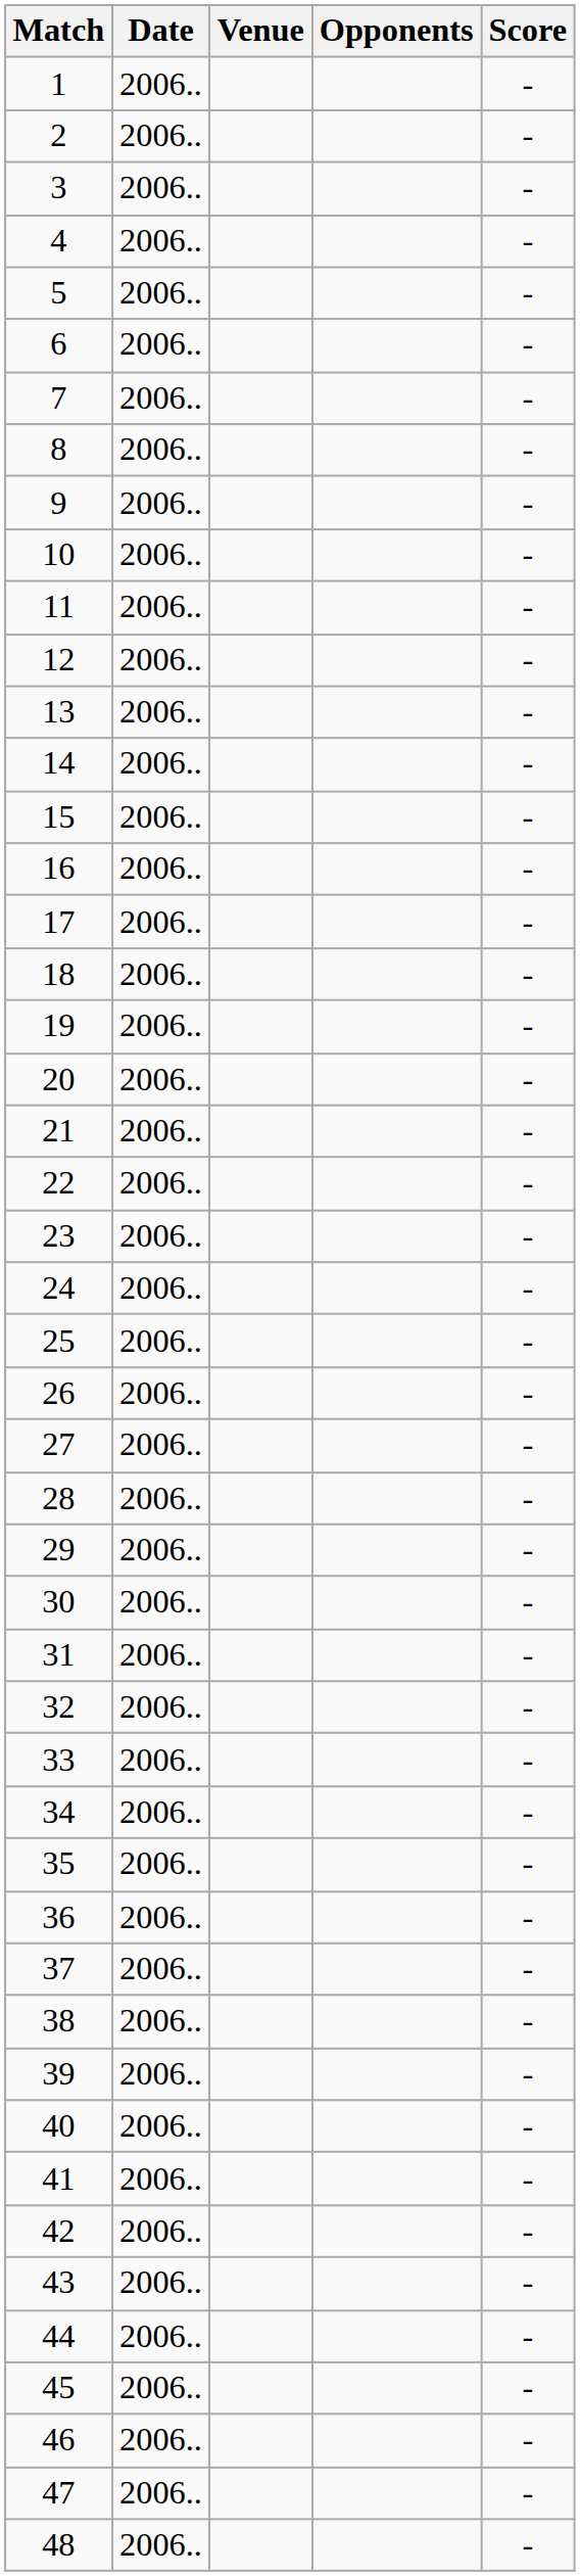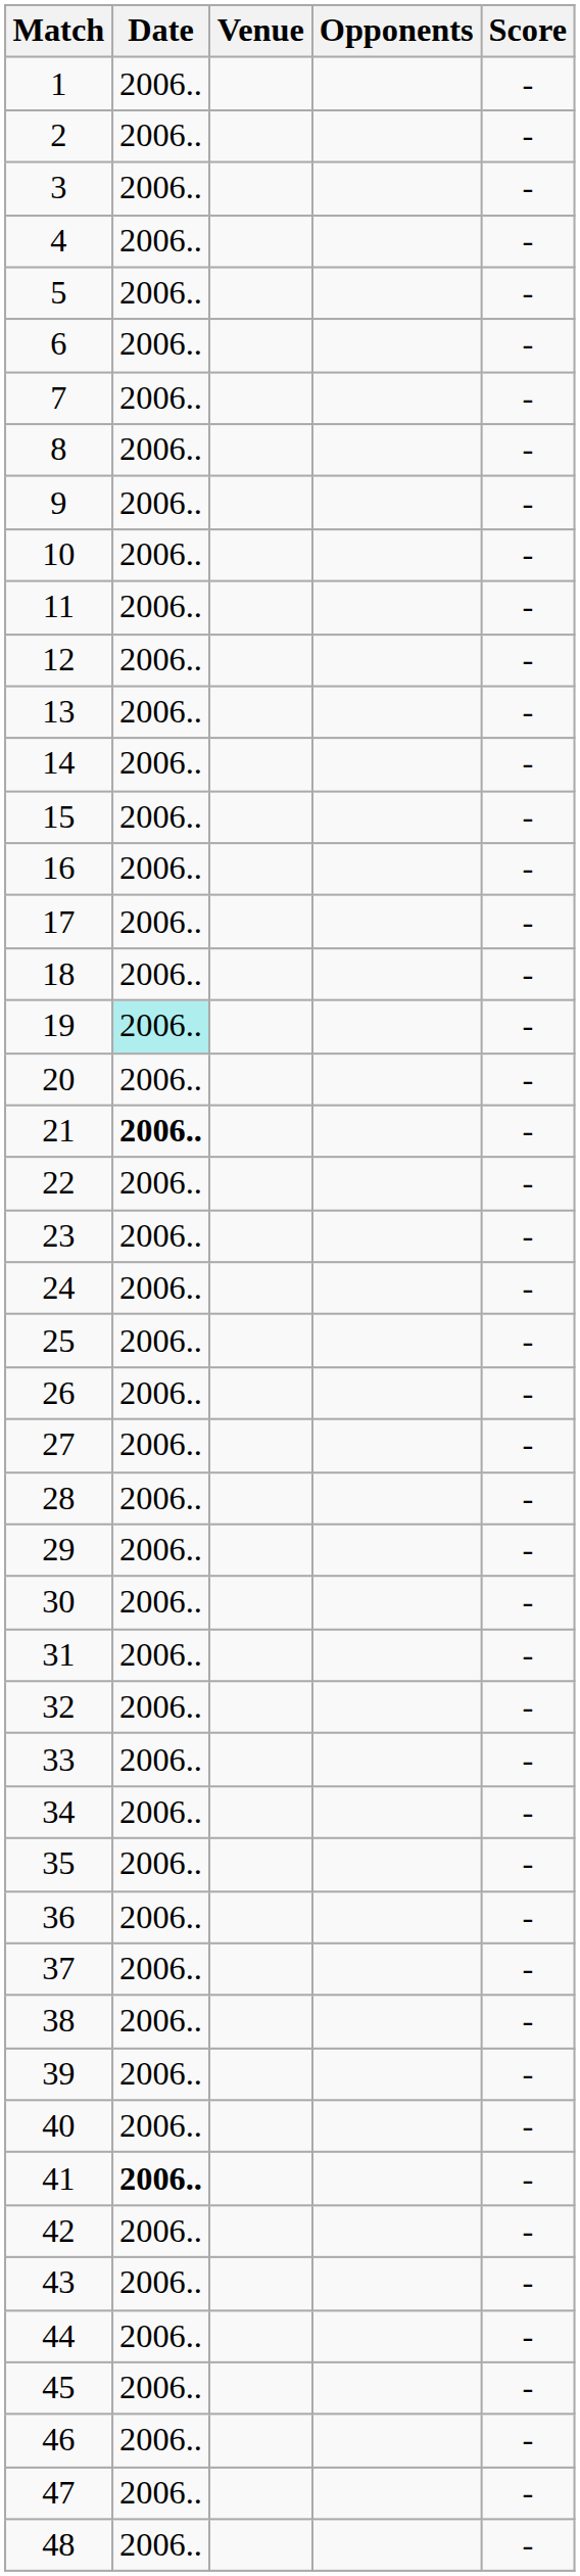 <table class="wikitable" style="text-align:center;">
 <tr>
 <th>Match</th>
 <th>Date</th>
 <th>Venue</th>
 <th>Opponents</th>
 <th>Score</th>
 </tr>
 <tr>
 <td>1</td>
 <td>2006..</td>
 <td></td>
 <td></td>
 <td>-</td>
 </tr>
 <tr>
 <td>2</td>
 <td>2006..</td>
 <td></td>
 <td></td>
 <td>-</td>
 </tr>
 <tr>
 <td>3</td>
 <td>2006..</td>
 <td></td>
 <td></td>
 <td>-</td>
 </tr>
 <tr>
 <td>4</td>
 <td>2006..</td>
 <td></td>
 <td></td>
 <td>-</td>
 </tr>
 <tr>
 <td>5</td>
 <td>2006..</td>
 <td></td>
 <td></td>
 <td>-</td>
 </tr>
 <tr>
 <td>6</td>
 <td>2006..</td>
 <td></td>
 <td></td>
 <td>-</td>
 </tr>
 <tr>
 <td>7</td>
 <td>2006..</td>
 <td></td>
 <td></td>
 <td>-</td>
 </tr>
 <tr>
 <td>8</td>
 <td>2006..</td>
 <td></td>
 <td></td>
 <td>-</td>
 </tr>
 <tr>
 <td>9</td>
 <td>2006..</td>
 <td></td>
 <td></td>
 <td>-</td>
 </tr>
 <tr>
 <td>10</td>
 <td>2006..</td>
 <td></td>
 <td></td>
 <td>-</td>
 </tr>
 <tr>
 <td>11</td>
 <td>2006..</td>
 <td></td>
 <td></td>
 <td>-</td>
 </tr>
 <tr>
 <td>12</td>
 <td>2006..</td>
 <td></td>
 <td></td>
 <td>-</td>
 </tr>
 <tr>
 <td>13</td>
 <td>2006..</td>
 <td></td>
 <td></td>
 <td>-</td>
 </tr>
 <tr>
 <td>14</td>
 <td>2006..</td>
 <td></td>
 <td></td>
 <td>-</td>
 </tr>
 <tr>
 <td>15</td>
 <td>2006..</td>
 <td></td>
 <td></td>
 <td>-</td>
 </tr>
 <tr>
 <td>16</td>
 <td>2006..</td>
 <td></td>
 <td></td>
 <td>-</td>
 </tr>
 <tr>
 <td>17</td>
 <td>2006..</td>
 <td></td>
 <td></td>
 <td>-</td>
 </tr>
 <tr>
 <td>18</td>
 <td>2006..</td>
 <td></td>
 <td></td>
 <td>-</td>
 </tr>
 <tr>
 <td>19</td>
-<td>2006..</td>
+<td style="background: paleturquoise;">2006..</td>
 <td></td>
 <td></td>
 <td>-</td>
 </tr>
 <tr>
 <td>20</td>
 <td>2006..</td>
 <td></td>
 <td></td>
 <td>-</td>
 </tr>
 <tr>
 <td>21</td>
-<td>2006..</td>
+<td><strong>2006..</strong></td>
 <td></td>
 <td></td>
 <td>-</td>
 </tr>
 <tr>
 <td>22</td>
 <td>2006..</td>
 <td></td>
 <td></td>
 <td>-</td>
 </tr>
 <tr>
 <td>23</td>
 <td>2006..</td>
 <td></td>
 <td></td>
 <td>-</td>
 </tr>
 <tr>
 <td>24</td>
 <td>2006..</td>
 <td></td>
 <td></td>
 <td>-</td>
 </tr>
 <tr>
 <td>25</td>
 <td>2006..</td>
 <td></td>
 <td></td>
 <td>-</td>
 </tr>
 <tr>
 <td>26</td>
 <td>2006..</td>
 <td></td>
 <td></td>
 <td>-</td>
 </tr>
 <tr>
 <td>27</td>
 <td>2006..</td>
 <td></td>
 <td></td>
 <td>-</td>
 </tr>
 <tr>
 <td>28</td>
 <td>2006..</td>
 <td></td>
 <td></td>
 <td>-</td>
 </tr>
 <tr>
 <td>29</td>
 <td>2006..</td>
 <td></td>
 <td></td>
 <td>-</td>
 </tr>
 <tr>
 <td>30</td>
 <td>2006..</td>
 <td></td>
 <td></td>
 <td>-</td>
 </tr>
 <tr>
 <td>31</td>
 <td>2006..</td>
 <td></td>
 <td></td>
 <td>-</td>
 </tr>
 <tr>
 <td>32</td>
 <td>2006..</td>
 <td></td>
 <td></td>
 <td>-</td>
 </tr>
 <tr>
 <td>33</td>
 <td>2006..</td>
 <td></td>
 <td></td>
 <td>-</td>
 </tr>
 <tr>
 <td>34</td>
 <td>2006..</td>
 <td></td>
 <td></td>
 <td>-</td>
 </tr>
 <tr>
 <td>35</td>
 <td>2006..</td>
 <td></td>
 <td></td>
 <td>-</td>
 </tr>
 <tr>
 <td>36</td>
 <td>2006..</td>
 <td></td>
 <td></td>
 <td>-</td>
 </tr>
 <tr>
 <td>37</td>
 <td>2006..</td>
 <td></td>
 <td></td>
 <td>-</td>
 </tr>
 <tr>
 <td>38</td>
 <td>2006..</td>
 <td></td>
 <td></td>
 <td>-</td>
 </tr>
 <tr>
 <td>39</td>
 <td>2006..</td>
 <td></td>
 <td></td>
 <td>-</td>
 </tr>
 <tr>
 <td>40</td>
 <td>2006..</td>
 <td></td>
 <td></td>
 <td>-</td>
 </tr>
 <tr>
 <td>41</td>
-<td>2006..</td>
+<td><strong>2006..</strong></td>
 <td></td>
 <td></td>
 <td>-</td>
 </tr>
 <tr>
 <td>42</td>
 <td>2006..</td>
 <td></td>
 <td></td>
 <td>-</td>
 </tr>
 <tr>
 <td>43</td>
 <td>2006..</td>
 <td></td>
 <td></td>
 <td>-</td>
 </tr>
 <tr>
 <td>44</td>
 <td>2006..</td>
 <td></td>
 <td></td>
 <td>-</td>
 </tr>
 <tr>
 <td>45</td>
 <td>2006..</td>
 <td></td>
 <td></td>
 <td>-</td>
 </tr>
 <tr>
 <td>46</td>
 <td>2006..</td>
 <td></td>
 <td></td>
 <td>-</td>
 </tr>
 <tr>
 <td>47</td>
 <td>2006..</td>
 <td></td>
 <td></td>
 <td>-</td>
 </tr>
 <tr>
 <td>48</td>
 <td>2006..</td>
 <td></td>
 <td></td>
 <td>-</td>
 </tr>
 </table>
